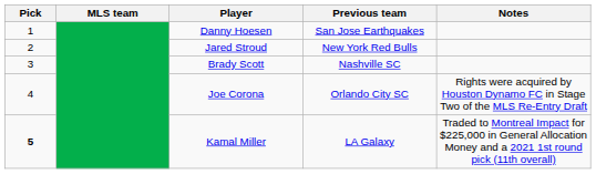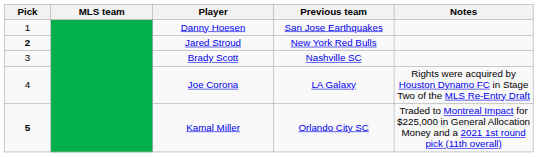 <table class="wikitable" style="text-align: center;">
 <tr>
 <th style="width:5%">Pick</th>
 <th style="width:11%">MLS team</th>
 <th style="width:13%">Player</th>
 <th style="width:13%">Previous team</th>
 <th style="width:15%">Notes</th>
 </tr>
 <tr>
 <td>1</td>
 <td style="background: #03AF4B" rowspan="5"></td>
 <td><a href='#'>Danny Hoesen</a></td>
 <td><a href='#'>San Jose Earthquakes</a></td>
 <td></td>
 </tr>
 <tr>
-<td>2</td>
+<td><strong>2</strong></td>
 <td><a href='#'>Jared Stroud</a></td>
 <td><a href='#'>New York Red Bulls</a></td>
 <td></td>
 </tr>
 <tr>
 <td>3</td>
 <td><a href='#'>Brady Scott</a></td>
 <td><a href='#'>Nashville SC</a></td>
 <td></td>
 </tr>
 <tr>
 <td>4</td>
 <td><a href='#'>Joe Corona</a></td>
-<td><a href='#'>Orlando City SC</a></td>
+<td><a href='#'>LA Galaxy</a></td>
 <td>Rights were acquired by <a href='#'>Houston Dynamo FC</a> in Stage Two of the <a href='#'>MLS Re-Entry Draft</a></td>
 </tr>
 <tr>
 <td><strong>5</strong></td>
 <td><a href='#'>Kamal Miller</a></td>
-<td><a href='#'>LA Galaxy</a></td>
+<td><a href='#'>Orlando City SC</a></td>
 <td>Traded to <a href='#'>Montreal Impact</a> for $225,000 in General Allocation Money and a <a href='#'>2021 1st round pick (11th overall)</a></td>
 </tr>
 </table>
